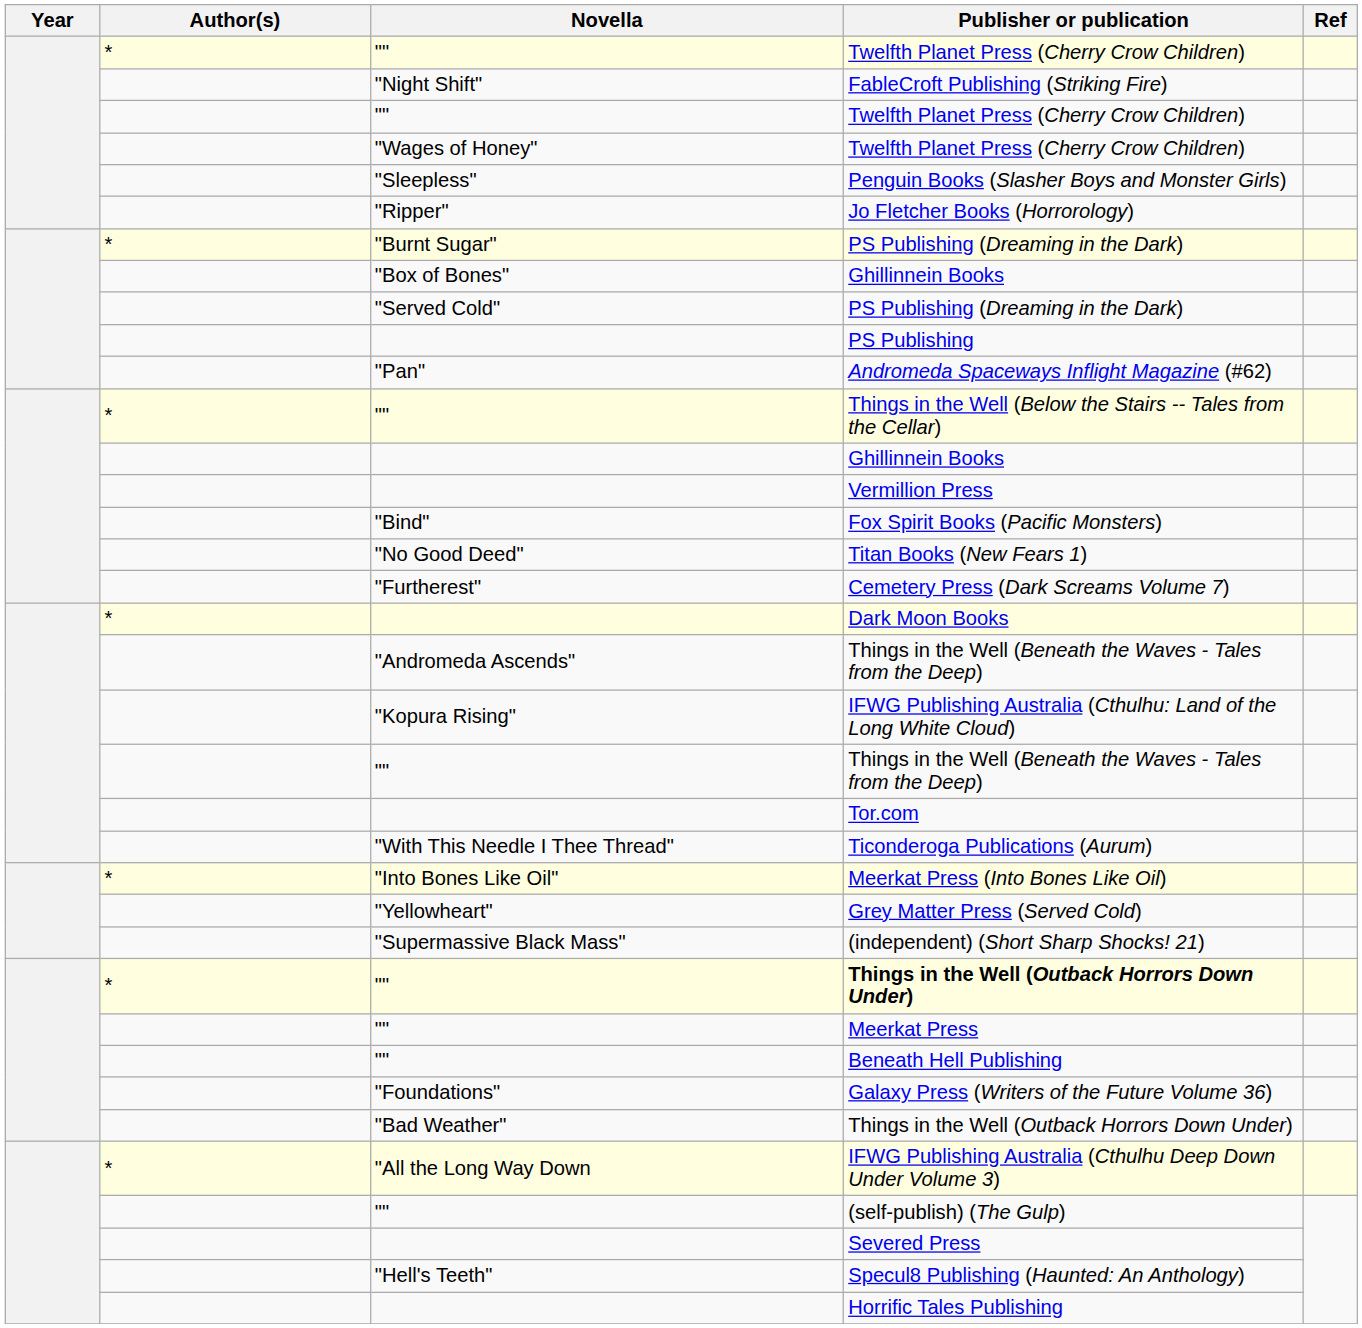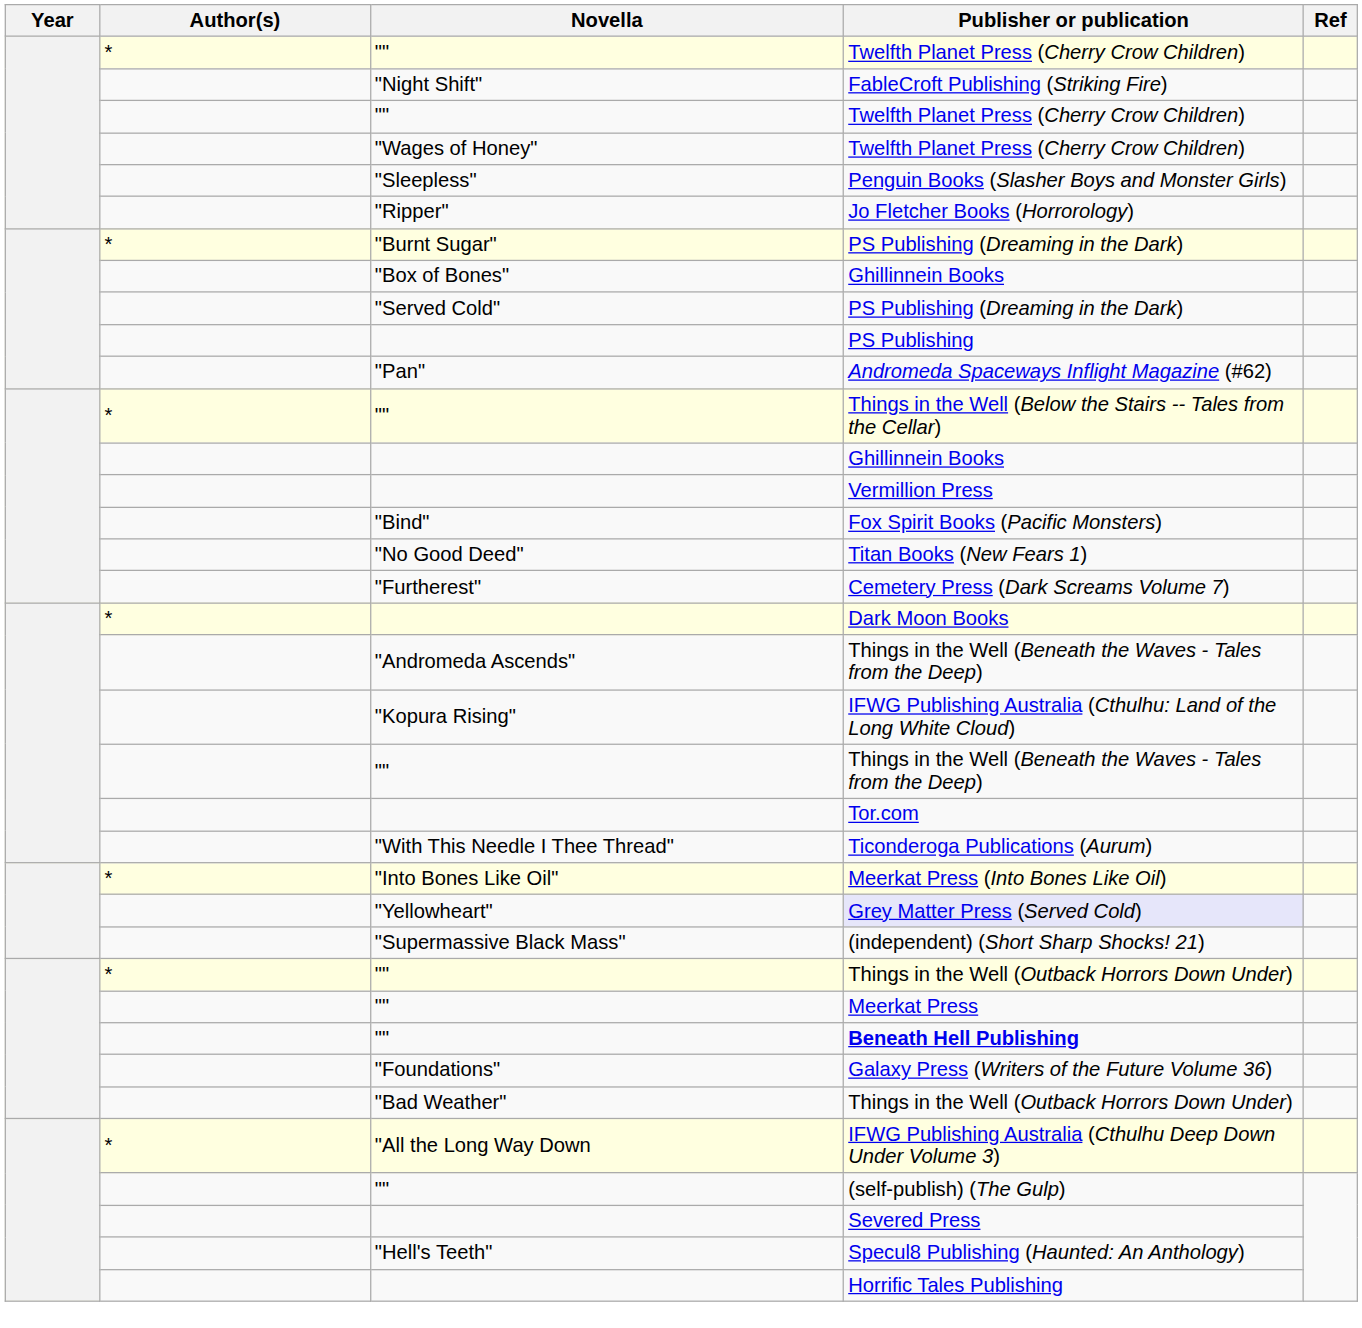 <table class="sortable wikitable" width="85%" cellpadding="5" style="margin: 1em auto 1em auto">
 <tr>
 <th width="7%">Year</th>
 <th width="20%">Author(s)</th>
 <th width="35%">Novella</th>
 <th width="34%">Publisher or publication</th>
 <th width="4%" class="unsortable">Ref</th>
 </tr>
 <tr style="background:lightyellow;">
 <th rowspan="6" align="center"></th>
 <td>*</td>
 <td>""</td>
 <td><a href='#'>Twelfth Planet Press</a> (<em>Cherry Crow Children</em>)</td>
 <td></td>
 </tr>
 <tr>
 <td></td>
 <td>"Night Shift"</td>
 <td><a href='#'>FableCroft Publishing</a> (<em>Striking Fire</em>)</td>
 <td></td>
 </tr>
 <tr>
 <td></td>
 <td>""</td>
 <td><a href='#'>Twelfth Planet Press</a> (<em>Cherry Crow Children</em>)</td>
 <td></td>
 </tr>
 <tr>
 <td></td>
 <td>"Wages of Honey"</td>
 <td><a href='#'>Twelfth Planet Press</a> (<em>Cherry Crow Children</em>)</td>
 <td></td>
 </tr>
 <tr>
 <td></td>
 <td>"Sleepless"</td>
 <td><a href='#'>Penguin Books</a> (<em>Slasher Boys and Monster Girls</em>)</td>
 <td></td>
 </tr>
 <tr>
 <td></td>
 <td>"Ripper"</td>
 <td><a href='#'>Jo Fletcher Books</a> (<em>Horrorology</em>)</td>
 <td></td>
 </tr>
 <tr style="background:lightyellow;">
 <th rowspan="5" align="center"></th>
 <td>*</td>
 <td>"Burnt Sugar"</td>
 <td><a href='#'>PS Publishing</a> (<em>Dreaming in the Dark</em>)</td>
 <td></td>
 </tr>
 <tr>
 <td></td>
 <td>"Box of Bones"</td>
 <td><a href='#'>Ghillinnein Books</a></td>
 <td></td>
 </tr>
 <tr>
 <td></td>
 <td>"Served Cold"</td>
 <td><a href='#'>PS Publishing</a> (<em>Dreaming in the Dark</em>)</td>
 <td></td>
 </tr>
 <tr>
 <td></td>
 <td></td>
 <td><a href='#'>PS Publishing</a></td>
 <td></td>
 </tr>
 <tr>
 <td></td>
 <td>"Pan"</td>
 <td><em><a href='#'>Andromeda Spaceways Inflight Magazine</a></em> (#62)</td>
 <td></td>
 </tr>
 <tr style="background:lightyellow;">
 <th rowspan="6" align="center"></th>
 <td>*</td>
 <td>""</td>
 <td><a href='#'>Things in the Well</a> (<em>Below the Stairs -- Tales from the Cellar</em>)</td>
 <td></td>
 </tr>
 <tr>
 <td></td>
 <td></td>
 <td><a href='#'>Ghillinnein Books</a></td>
 <td></td>
 </tr>
 <tr>
 <td></td>
 <td></td>
 <td><a href='#'>Vermillion Press</a></td>
 <td></td>
 </tr>
 <tr>
 <td></td>
 <td>"Bind"</td>
 <td><a href='#'>Fox Spirit Books</a> (<em>Pacific Monsters</em>)</td>
 <td></td>
 </tr>
 <tr>
 <td></td>
 <td>"No Good Deed"</td>
 <td><a href='#'>Titan Books</a> (<em>New Fears 1</em>)</td>
 <td></td>
 </tr>
 <tr>
 <td></td>
 <td>"Furtherest"</td>
 <td><a href='#'>Cemetery Press</a> (<em>Dark Screams Volume 7</em>)</td>
 <td></td>
 </tr>
 <tr style="background:lightyellow;">
 <th rowspan="6" align="center"></th>
 <td>*</td>
 <td></td>
 <td><a href='#'>Dark Moon Books</a></td>
 <td></td>
 </tr>
 <tr>
 <td></td>
 <td>"Andromeda Ascends"</td>
 <td>Things in the Well (<em>Beneath the Waves - Tales from the Deep</em>)</td>
 <td></td>
 </tr>
 <tr>
 <td></td>
 <td>"Kopura Rising"</td>
 <td><a href='#'>IFWG Publishing Australia</a> (<em>Cthulhu: Land of the Long White Cloud</em>)</td>
 <td></td>
 </tr>
 <tr>
 <td></td>
 <td>""</td>
 <td>Things in the Well (<em>Beneath the Waves - Tales from the Deep</em>)</td>
 <td></td>
 </tr>
 <tr>
 <td></td>
 <td></td>
 <td><a href='#'>Tor.com</a></td>
 <td></td>
 </tr>
 <tr>
 <td></td>
 <td>"With This Needle I Thee Thread"</td>
 <td><a href='#'>Ticonderoga Publications</a> (<em>Aurum</em>)</td>
 <td></td>
 </tr>
 <tr style="background:lightyellow;">
 <th rowspan="3" align="center"></th>
 <td>*</td>
 <td>"Into Bones Like Oil"</td>
 <td><a href='#'>Meerkat Press</a> (<em>Into Bones Like Oil</em>)</td>
 <td></td>
 </tr>
 <tr>
 <td></td>
 <td>"Yellowheart"</td>
-<td><a href='#'>Grey Matter Press</a> (<em>Served Cold</em>)</td>
+<td style="background: lavender;"><a href='#'>Grey Matter Press</a> (<em>Served Cold</em>)</td>
 <td></td>
 </tr>
 <tr>
 <td></td>
 <td>"Supermassive Black Mass"</td>
 <td>(independent) (<em>Short Sharp Shocks! 21</em>)</td>
 <td></td>
 </tr>
 <tr style="background:lightyellow;">
 <th rowspan="5" align="center"></th>
 <td>*</td>
 <td>""</td>
-<td><strong>Things in the Well (<em>Outback Horrors Down Under</em>)</strong></td>
+<td>Things in the Well (<em>Outback Horrors Down Under</em>)</td>
 <td></td>
 </tr>
 <tr>
 <td></td>
 <td>""</td>
 <td><a href='#'>Meerkat Press</a></td>
 <td></td>
 </tr>
 <tr>
 <td></td>
 <td>""</td>
-<td><a href='#'>Beneath Hell Publishing</a></td>
+<td><strong><a href='#'>Beneath Hell Publishing</a></strong></td>
 <td></td>
 </tr>
 <tr>
 <td></td>
 <td>"Foundations"</td>
 <td><a href='#'>Galaxy Press</a> (<em>Writers of the Future Volume 36</em>)</td>
 <td></td>
 </tr>
 <tr>
 <td></td>
 <td>"Bad Weather"</td>
 <td>Things in the Well (<em>Outback Horrors Down Under</em>)</td>
 <td></td>
 </tr>
 <tr style="background:lightyellow;">
 <th rowspan="5"></th>
 <td>*</td>
 <td>"All the Long Way Down</td>
 <td><a href='#'>IFWG Publishing Australia</a> (<em>Cthulhu Deep Down Under Volume 3</em>)</td>
 <td></td>
 </tr>
 <tr>
 <td></td>
 <td>""</td>
 <td>(self-publish) (<em>The Gulp</em>)</td>
 <td rowspan="4"></td>
 </tr>
 <tr>
 <td></td>
 <td></td>
 <td><a href='#'>Severed Press</a></td>
 </tr>
 <tr>
 <td></td>
 <td>"Hell's Teeth"</td>
 <td><a href='#'>Specul8 Publishing</a> (<em>Haunted: An Anthology</em>)</td>
 </tr>
 <tr>
 <td></td>
 <td></td>
 <td><a href='#'>Horrific Tales Publishing</a></td>
 </tr>
 </table>
